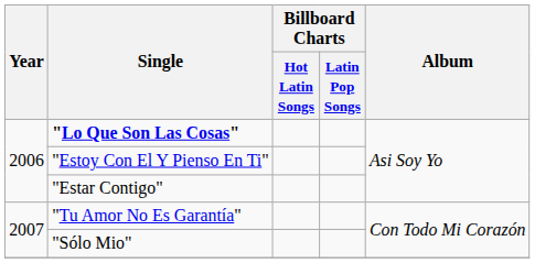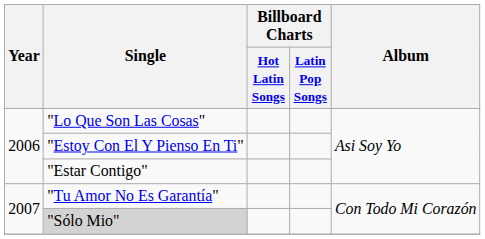 <table class="wikitable">
 <tr>
 <th rowspan="2">Year</th>
 <th rowspan="2">Single</th>
 <th colspan="2">Billboard Charts</th>
 <th rowspan="2">Album</th>
 </tr>
 <tr>
 <th width="35"><small><a href='#'>Hot Latin Songs</a></small></th>
 <th width="35"><small><a href='#'>Latin Pop Songs</a></small></th>
 </tr>
 <tr>
 <td rowspan="3">2006</td>
-<td><strong>"<a href='#'>Lo Que Son Las Cosas</a>"</strong></td>
+<td>"<a href='#'>Lo Que Son Las Cosas</a>"</td>
 <td></td>
 <td></td>
 <td rowspan="3"><em>Asi Soy Yo</em></td>
 </tr>
 <tr>
 <td>"<a href='#'>Estoy Con El Y Pienso En Ti</a>"</td>
 <td></td>
 <td></td>
 </tr>
 <tr>
 <td>"Estar Contigo"</td>
 <td></td>
 <td></td>
 </tr>
 <tr>
 <td rowspan="2">2007</td>
 <td>"<a href='#'>Tu Amor No Es Garantía</a>"</td>
 <td></td>
 <td></td>
 <td rowspan="2"><em>Con Todo Mi Corazón</em></td>
 </tr>
 <tr>
-<td>"Sólo Mio"</td>
+<td style="background: lightgrey;">"Sólo Mio"</td>
 <td></td>
 <td></td>
 </tr>
 <tr>
 </tr>
 </table>
